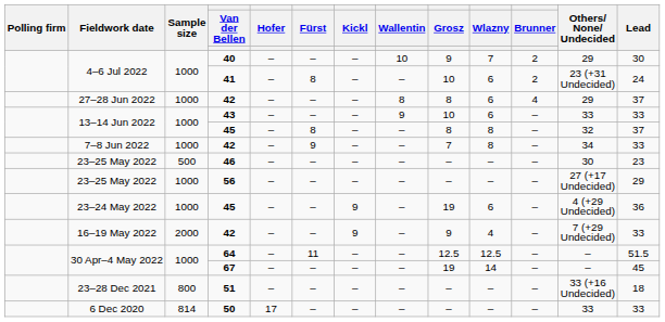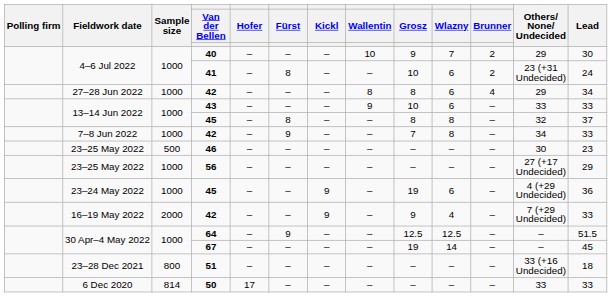 <table class="wikitable sortable tpl-blanktable" style="text-align:center;font-size:90%;line-height:14px;">
 <tr>
 <th rowspan="3">Polling firm</th>
 <th rowspan="3">Fieldwork date</th>
 <th rowspan="3">Sample<br>size</th>
 <th class="unsortable"></th>
 <th class="unsortable"></th>
 <th class="unsortable"></th>
 <th class="unsortable"></th>
 <th class="unsortable"></th>
 <th class="unsortable"></th>
 <th class="unsortable"></th>
 <th class="unsortable"></th>
 <th rowspan="3" class="unsortable" style="width:50px;">Others/<br>None/<br>Undecided</th>
 <th rowspan="3" class="unsortable" style="width:50px;">Lead</th>
 </tr>
 <tr>
 <th class="unsortable" style="width:50px;"><a href='#'>Van der Bellen</a><br></th>
 <th class="unsortable" style="width:50px;"><a href='#'>Hofer</a><br></th>
 <th class="unsortable" style="width:50px;"><a href='#'>Fürst</a><br></th>
 <th class="unsortable" style="width:50px;"><a href='#'>Kickl</a><br></th>
 <th class="unsortable" style="width:50px;"><a href='#'>Wallentin</a><br></th>
 <th class="unsortable" style="width:50px;"><a href='#'>Grosz</a><br></th>
 <th class="unsortable" style="width:50px;"><a href='#'>Wlazny</a><br></th>
 <th class="unsortable" style="width:50px;"><a href='#'>Brunner</a><br></th>
 </tr>
 <tr>
 <th style="background:"></th>
 <th style="background:"></th>
 <th style="background:"></th>
 <th style="background:"></th>
 <th style="background:"></th>
 <th style="background:"></th>
 <th style="background:"></th>
 <th style="background:"></th>
 </tr>
 <tr>
 <td rowspan="2"></td>
 <td rowspan="2">4–6 Jul 2022</td>
 <td rowspan="2">1000</td>
 <td><strong>40</strong></td>
 <td>–</td>
 <td>–</td>
 <td>–</td>
 <td>10</td>
 <td>9</td>
 <td>7</td>
 <td>2</td>
 <td>29</td>
 <td style="background:">30</td>
 </tr>
 <tr>
 <td><strong>41</strong></td>
 <td>–</td>
 <td>8</td>
 <td>–</td>
 <td>–</td>
 <td>10</td>
 <td>6</td>
 <td>2</td>
 <td>23 (+31 Undecided)</td>
 <td style="background:">24</td>
 </tr>
 <tr>
 <td></td>
 <td>27–28 Jun 2022</td>
 <td>1000</td>
 <td><strong>42</strong></td>
 <td>–</td>
 <td>–</td>
 <td>–</td>
 <td>8</td>
 <td>8</td>
 <td>6</td>
 <td>4</td>
 <td>29</td>
-<td style="background:">37</td>
+<td style="background:">34</td>
 </tr>
 <tr>
 <td rowspan="2"></td>
 <td rowspan="2">13–14 Jun 2022</td>
 <td rowspan="2">1000</td>
 <td><strong>43</strong></td>
 <td>–</td>
 <td>–</td>
 <td>–</td>
 <td>9</td>
 <td>10</td>
 <td>6</td>
 <td>–</td>
 <td>33</td>
 <td style="background:">33</td>
 </tr>
 <tr>
 <td><strong>45</strong></td>
 <td>–</td>
 <td>8</td>
 <td>–</td>
 <td>–</td>
 <td>8</td>
 <td>8</td>
 <td>–</td>
 <td>32</td>
 <td style="background:">37</td>
 </tr>
 <tr>
 <td></td>
 <td>7–8 Jun 2022</td>
 <td>1000</td>
 <td><strong>42</strong></td>
 <td>–</td>
 <td>9</td>
 <td>–</td>
 <td>–</td>
 <td>7</td>
 <td>8</td>
 <td>–</td>
 <td>34</td>
 <td style="background:">33</td>
 </tr>
 <tr>
 <td></td>
 <td>23–25 May 2022</td>
 <td>500</td>
 <td><strong>46</strong></td>
 <td>–</td>
 <td>–</td>
 <td>–</td>
 <td>–</td>
 <td>–</td>
 <td>–</td>
 <td>–</td>
 <td>30</td>
 <td style="background:">23</td>
 </tr>
 <tr>
 <td></td>
 <td>23–25 May 2022</td>
 <td>1000</td>
 <td><strong>56</strong></td>
 <td>–</td>
 <td>–</td>
 <td>–</td>
 <td>–</td>
 <td>–</td>
 <td>–</td>
 <td>–</td>
 <td>27 (+17 Undecided)</td>
 <td style="background:">29</td>
 </tr>
 <tr>
 <td></td>
 <td>23–24 May 2022</td>
 <td>1000</td>
 <td><strong>45</strong></td>
 <td>–</td>
 <td>–</td>
 <td>9</td>
 <td>–</td>
 <td>19</td>
 <td>6</td>
 <td>–</td>
 <td>4 (+29 Undecided)</td>
 <td style="background:">36</td>
 </tr>
 <tr>
 <td></td>
 <td>16–19 May 2022</td>
 <td>2000</td>
 <td><strong>42</strong></td>
 <td>–</td>
 <td>–</td>
 <td>9</td>
 <td>–</td>
 <td>9</td>
 <td>4</td>
 <td>–</td>
 <td>7 (+29 Undecided)</td>
 <td style="background:">33</td>
 </tr>
 <tr>
 <td rowspan="2"></td>
 <td rowspan="2">30 Apr–4 May 2022</td>
 <td rowspan="2">1000</td>
 <td><strong>64</strong></td>
 <td>–</td>
-<td>11</td>
+<td>9</td>
 <td>–</td>
 <td>–</td>
 <td>12.5</td>
 <td>12.5</td>
 <td>–</td>
 <td>–</td>
 <td style="background:">51.5</td>
 </tr>
 <tr>
 <td><strong>67</strong></td>
 <td>–</td>
 <td>–</td>
 <td>–</td>
 <td>–</td>
 <td>19</td>
 <td>14</td>
 <td>–</td>
 <td>–</td>
 <td style="background:">45</td>
 </tr>
 <tr>
 <td></td>
 <td data-sort-value="2021-12-28">23–28 Dec 2021</td>
 <td>800</td>
 <td><strong>51</strong></td>
 <td>–</td>
 <td>–</td>
 <td>–</td>
 <td>–</td>
 <td>–</td>
 <td>–</td>
 <td>–</td>
 <td>33 (+16 Undecided)</td>
 <td style="background:">18</td>
 </tr>
 <tr>
 <td></td>
 <td data-sort-value="2020-12-06">6 Dec 2020</td>
 <td>814</td>
 <td><strong>50</strong></td>
 <td>17</td>
 <td>–</td>
 <td>–</td>
 <td>–</td>
 <td>–</td>
 <td>–</td>
 <td>–</td>
 <td>33</td>
 <td style="background:">33</td>
 </tr>
 </table>
